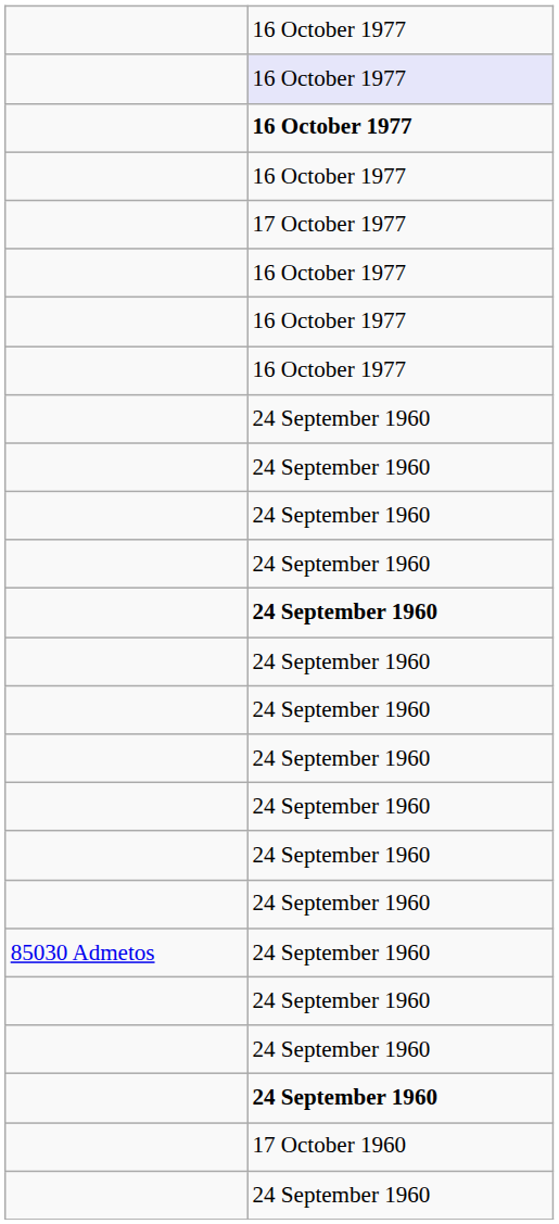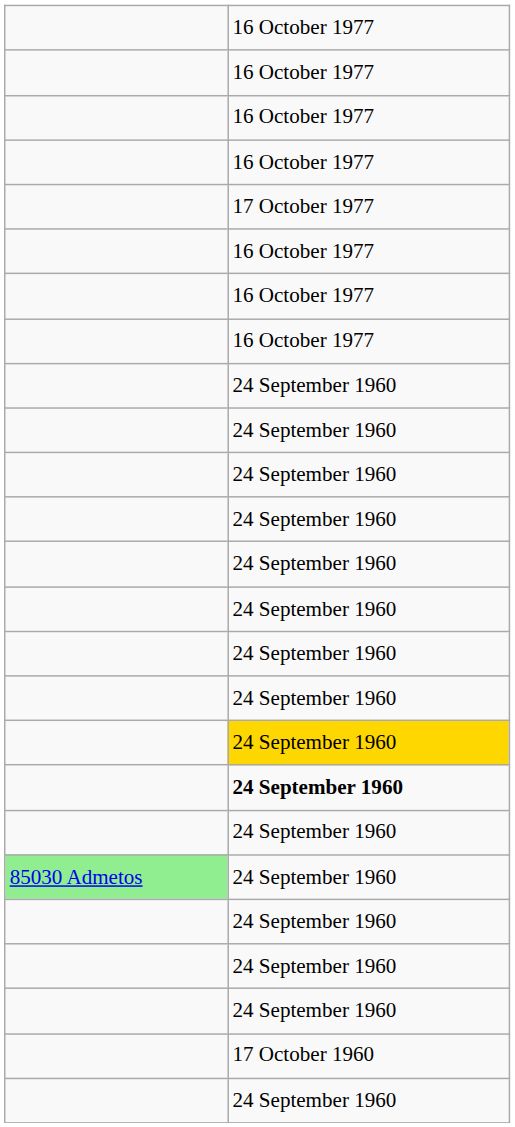 <table class="wikitable" style="font-size: 89%; float: left; width: 24em; margin-right: 1em; line-height: 1.65em">
 <tr>
 <td></td>
 <td>16 October 1977</td>
 </tr>
 <tr>
 <td></td>
-<td style="background: lavender;">16 October 1977</td>
+<td>16 October 1977</td>
 </tr>
 <tr>
 <td></td>
-<td><strong>16 October 1977</strong></td>
+<td>16 October 1977</td>
 </tr>
 <tr>
 <td></td>
 <td>16 October 1977</td>
 </tr>
 <tr>
 <td></td>
 <td>17 October 1977</td>
 </tr>
 <tr>
 <td></td>
 <td>16 October 1977</td>
 </tr>
 <tr>
 <td></td>
 <td>16 October 1977</td>
 </tr>
 <tr>
 <td></td>
 <td>16 October 1977</td>
 </tr>
 <tr>
 <td></td>
 <td>24 September 1960</td>
 </tr>
 <tr>
 <td></td>
 <td>24 September 1960</td>
 </tr>
 <tr>
 <td></td>
 <td>24 September 1960</td>
 </tr>
 <tr>
 <td></td>
 <td>24 September 1960</td>
 </tr>
 <tr>
 <td></td>
-<td><strong>24 September 1960</strong></td>
-</tr>
-<tr>
-<td></td>
 <td>24 September 1960</td>
 </tr>
 <tr>
 <td></td>
 <td>24 September 1960</td>
 </tr>
 <tr>
 <td></td>
 <td>24 September 1960</td>
 </tr>
 <tr>
 <td></td>
 <td>24 September 1960</td>
 </tr>
 <tr>
 <td></td>
-<td>24 September 1960</td>
+<td style="background: gold;">24 September 1960</td>
+</tr>
+<tr>
+<td></td>
+<td><strong>24 September 1960</strong></td>
 </tr>
 <tr>
 <td></td>
 <td>24 September 1960</td>
 </tr>
 <tr>
-<td><a href='#'>85030 Admetos</a></td>
+<td style="background: lightgreen;"><a href='#'>85030 Admetos</a></td>
 <td>24 September 1960</td>
 </tr>
 <tr>
 <td></td>
 <td>24 September 1960</td>
 </tr>
 <tr>
 <td></td>
 <td>24 September 1960</td>
 </tr>
 <tr>
 <td></td>
-<td><strong>24 September 1960</strong></td>
+<td>24 September 1960</td>
 </tr>
 <tr>
 <td></td>
 <td>17 October 1960</td>
 </tr>
 <tr>
 <td></td>
 <td>24 September 1960</td>
 </tr>
 </table>
